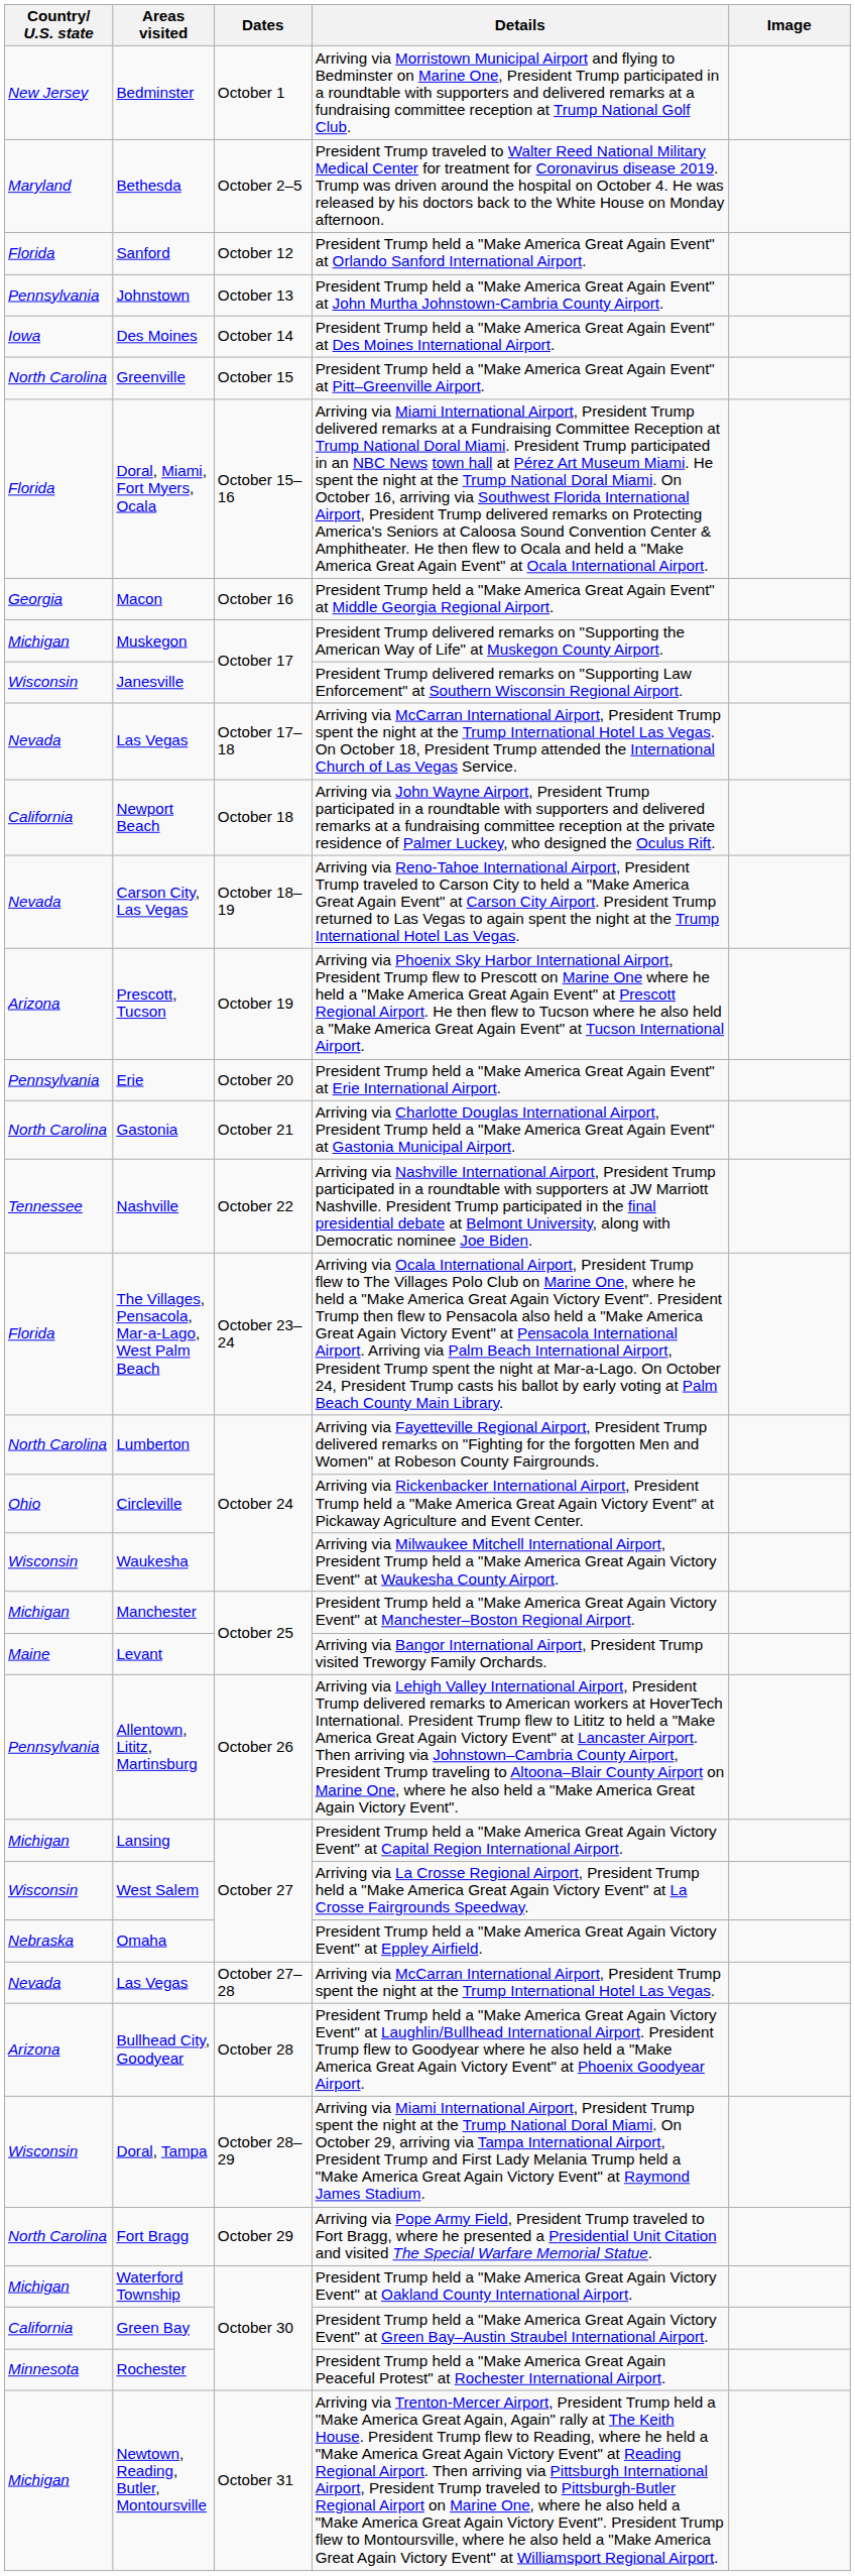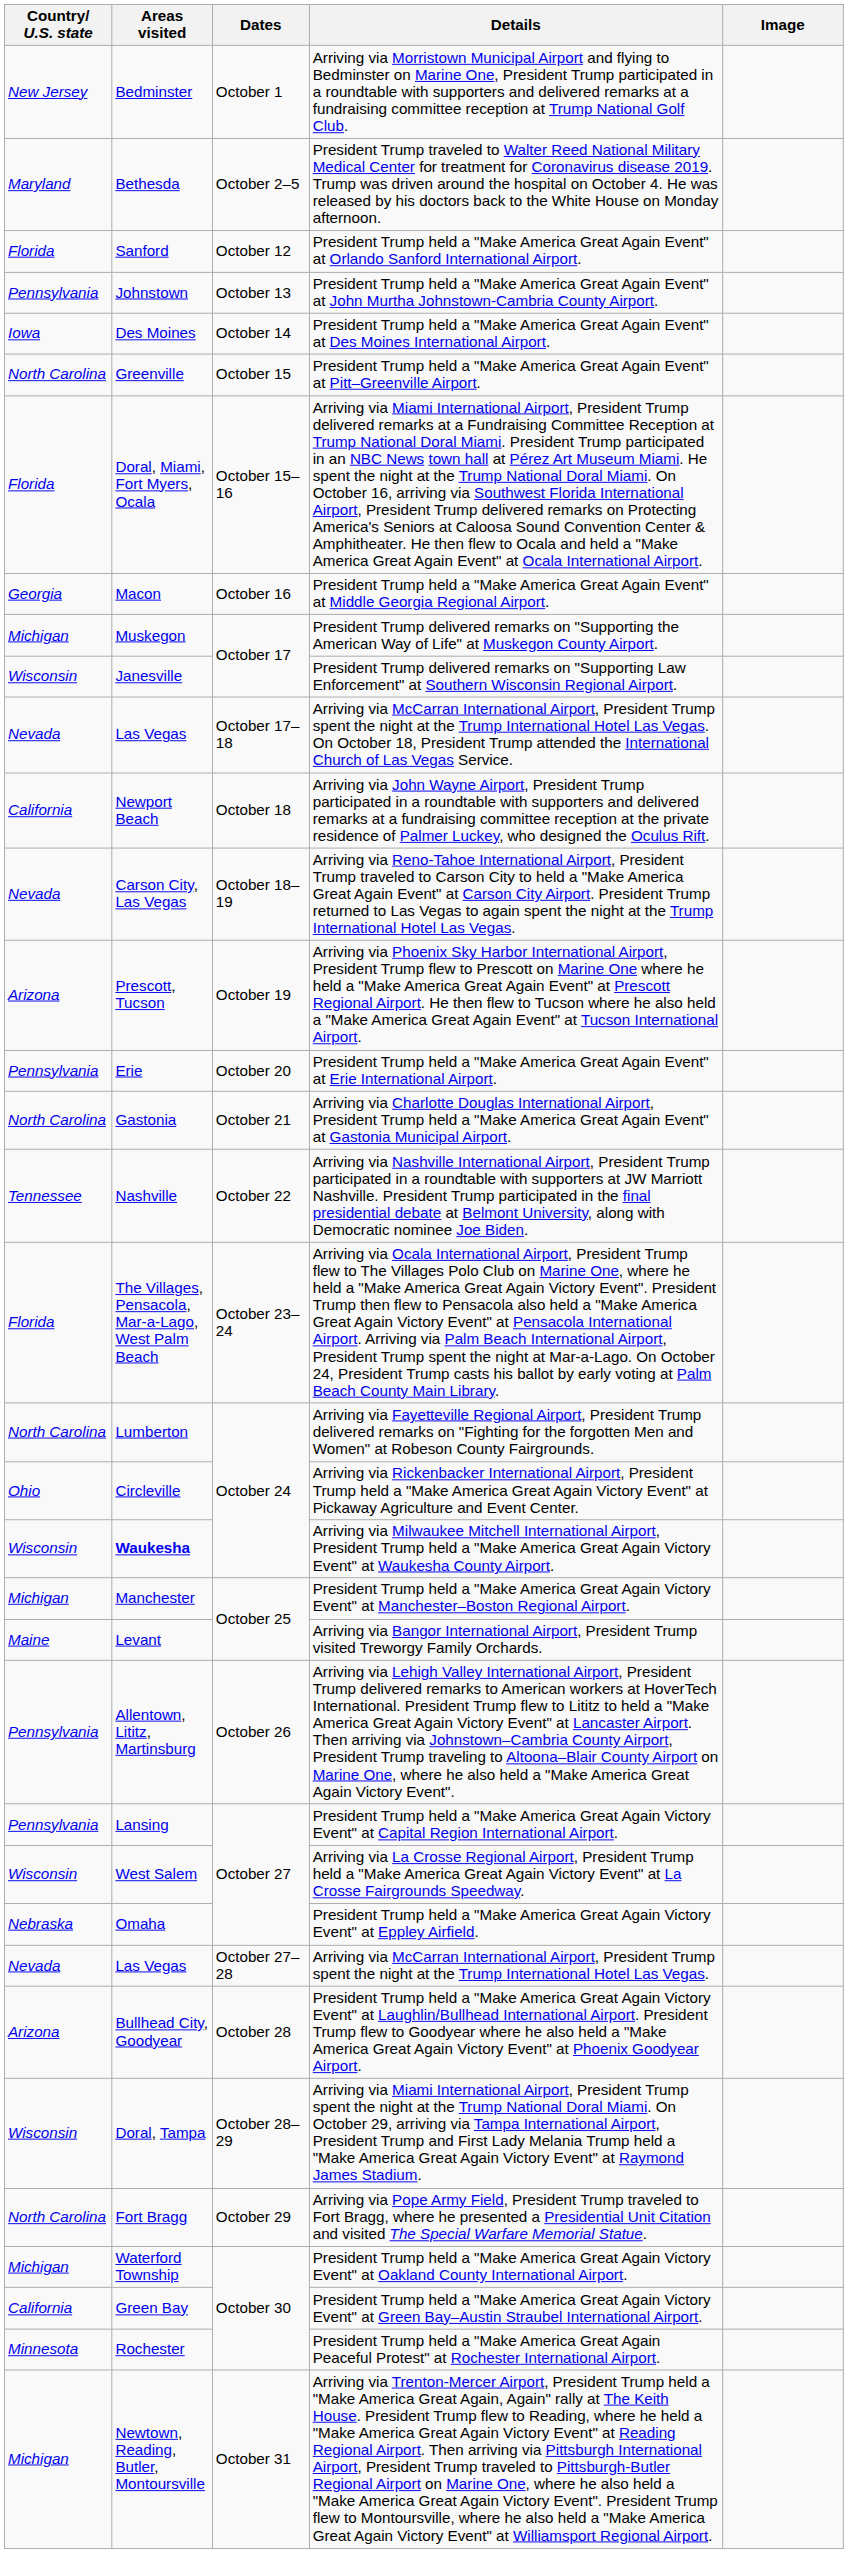 <table class="wikitable" style="margin: 1em auto 1em auto">
 <tr>
 <th width="110">Country/<br><em>U.S. state</em></th>
 <th width="100">Areas visited</th>
 <th width="110">Dates</th>
 <th width="550">Details</th>
 <th width="150">Image</th>
 </tr>
 <tr>
 <td> <em><a href='#'>New Jersey</a></em></td>
 <td><a href='#'>Bedminster</a></td>
 <td>October 1</td>
 <td>Arriving via <a href='#'>Morristown Municipal Airport</a> and flying to Bedminster on <a href='#'>Marine One</a>, President Trump participated in a roundtable with supporters and delivered remarks at a fundraising committee reception at <a href='#'>Trump National Golf Club</a>.</td>
 <td></td>
 </tr>
 <tr>
 <td> <em><a href='#'>Maryland</a></em></td>
 <td><a href='#'>Bethesda</a></td>
 <td>October 2–5</td>
 <td>President Trump traveled to <a href='#'>Walter Reed National Military Medical Center</a> for treatment for <a href='#'>Coronavirus disease 2019</a>. Trump was driven around the hospital on October 4. He was released by his doctors back to the White House on Monday afternoon.</td>
 <td></td>
 </tr>
 <tr>
 <td> <em><a href='#'>Florida</a></em></td>
 <td><a href='#'>Sanford</a></td>
 <td>October 12</td>
 <td>President Trump held a "Make America Great Again Event" at <a href='#'>Orlando Sanford International Airport</a>.</td>
 <td></td>
 </tr>
 <tr>
 <td> <em><a href='#'>Pennsylvania</a></em></td>
 <td><a href='#'>Johnstown</a></td>
 <td>October 13</td>
 <td>President Trump held a "Make America Great Again Event" at <a href='#'>John Murtha Johnstown-Cambria County Airport</a>.</td>
 <td></td>
 </tr>
 <tr>
 <td> <em><a href='#'>Iowa</a></em></td>
 <td><a href='#'>Des Moines</a></td>
 <td>October 14</td>
 <td>President Trump held a "Make America Great Again Event" at <a href='#'>Des Moines International Airport</a>.</td>
 <td></td>
 </tr>
 <tr>
 <td> <em><a href='#'>North Carolina</a></em></td>
 <td><a href='#'>Greenville</a></td>
 <td>October 15</td>
 <td>President Trump held a "Make America Great Again Event" at <a href='#'>Pitt–Greenville Airport</a>.</td>
 <td></td>
 </tr>
 <tr>
 <td> <em><a href='#'>Florida</a></em></td>
 <td><a href='#'>Doral</a>, <a href='#'>Miami</a>, <a href='#'>Fort Myers</a>, <a href='#'>Ocala</a></td>
 <td>October 15–16</td>
 <td>Arriving via <a href='#'>Miami International Airport</a>, President Trump delivered remarks at a Fundraising Committee Reception at <a href='#'>Trump National Doral Miami</a>. President Trump participated in an <a href='#'>NBC News</a> <a href='#'>town hall</a> at <a href='#'>Pérez Art Museum Miami</a>. He spent the night at the <a href='#'>Trump National Doral Miami</a>. On October 16, arriving via <a href='#'>Southwest Florida International Airport</a>, President Trump delivered remarks on Protecting America's Seniors at Caloosa Sound Convention Center & Amphitheater. He then flew to Ocala and held a "Make America Great Again Event" at <a href='#'>Ocala International Airport</a>.</td>
 <td></td>
 </tr>
 <tr>
 <td> <em><a href='#'>Georgia</a></em></td>
 <td><a href='#'>Macon</a></td>
 <td>October 16</td>
 <td>President Trump held a "Make America Great Again Event" at <a href='#'>Middle Georgia Regional Airport</a>.</td>
 <td></td>
 </tr>
 <tr>
 <td> <em><a href='#'>Michigan</a></em></td>
 <td><a href='#'>Muskegon</a></td>
 <td rowspan=2>October 17</td>
 <td>President Trump delivered remarks on "Supporting the American Way of Life" at <a href='#'>Muskegon County Airport</a>.</td>
 <td></td>
 </tr>
 <tr>
 <td> <em><a href='#'>Wisconsin</a></em></td>
 <td><a href='#'>Janesville</a></td>
 <td>President Trump delivered remarks on "Supporting Law Enforcement" at <a href='#'>Southern Wisconsin Regional Airport</a>.</td>
 <td></td>
 </tr>
 <tr>
 <td> <em><a href='#'>Nevada</a></em></td>
 <td><a href='#'>Las Vegas</a></td>
 <td>October 17–18</td>
 <td>Arriving via <a href='#'>McCarran International Airport</a>, President Trump spent the night at the <a href='#'>Trump International Hotel Las Vegas</a>. On October 18, President Trump attended the <a href='#'>International Church of Las Vegas</a> Service.</td>
 <td></td>
 </tr>
 <tr>
 <td> <em><a href='#'>California</a></em></td>
 <td><a href='#'>Newport Beach</a></td>
 <td>October 18</td>
 <td>Arriving via <a href='#'>John Wayne Airport</a>, President Trump participated in a roundtable with supporters and delivered remarks at a fundraising committee reception at the private residence of <a href='#'>Palmer Luckey</a>, who designed the <a href='#'>Oculus Rift</a>.</td>
 <td></td>
 </tr>
 <tr>
 <td> <em><a href='#'>Nevada</a></em></td>
 <td><a href='#'>Carson City</a>, <a href='#'>Las Vegas</a></td>
 <td>October 18–19</td>
 <td>Arriving via <a href='#'>Reno-Tahoe International Airport</a>, President Trump traveled to Carson City to held a "Make America Great Again Event" at <a href='#'>Carson City Airport</a>. President Trump returned to Las Vegas to again spent the night at the <a href='#'>Trump International Hotel Las Vegas</a>.</td>
 <td></td>
 </tr>
 <tr>
 <td> <em><a href='#'>Arizona</a></em></td>
 <td><a href='#'>Prescott</a>, <a href='#'>Tucson</a></td>
 <td>October 19</td>
 <td>Arriving via <a href='#'>Phoenix Sky Harbor International Airport</a>, President Trump flew to Prescott on <a href='#'>Marine One</a> where he held a "Make America Great Again Event" at <a href='#'>Prescott Regional Airport</a>. He then flew to Tucson where he also held a "Make America Great Again Event" at <a href='#'>Tucson International Airport</a>.</td>
 <td></td>
 </tr>
 <tr>
 <td> <em><a href='#'>Pennsylvania</a></em></td>
 <td><a href='#'>Erie</a></td>
 <td>October 20</td>
 <td>President Trump held a "Make America Great Again Event" at <a href='#'>Erie International Airport</a>.</td>
 <td></td>
 </tr>
 <tr>
 <td> <em><a href='#'>North Carolina</a></em></td>
 <td><a href='#'>Gastonia</a></td>
 <td>October 21</td>
 <td>Arriving via <a href='#'>Charlotte Douglas International Airport</a>, President Trump held a "Make America Great Again Event" at <a href='#'>Gastonia Municipal Airport</a>.</td>
 <td></td>
 </tr>
 <tr>
 <td> <em><a href='#'>Tennessee</a></em></td>
 <td><a href='#'>Nashville</a></td>
 <td>October 22</td>
 <td>Arriving via <a href='#'>Nashville International Airport</a>, President Trump participated in a roundtable with supporters at JW Marriott Nashville. President Trump participated in the <a href='#'>final presidential debate</a> at <a href='#'>Belmont University</a>, along with Democratic nominee <a href='#'>Joe Biden</a>.</td>
 <td></td>
 </tr>
 <tr>
 <td> <em><a href='#'>Florida</a></em></td>
 <td><a href='#'>The Villages</a>, <a href='#'>Pensacola</a>, <a href='#'>Mar-a-Lago</a>, <a href='#'>West Palm Beach</a></td>
 <td>October 23–24</td>
 <td>Arriving via <a href='#'>Ocala International Airport</a>, President Trump flew to The Villages Polo Club on <a href='#'>Marine One</a>, where he held a "Make America Great Again Victory Event". President Trump then flew to Pensacola also held a "Make America Great Again Victory Event" at <a href='#'>Pensacola International Airport</a>. Arriving via <a href='#'>Palm Beach International Airport</a>, President Trump spent the night at Mar-a-Lago. On October 24, President Trump casts his ballot by early voting at <a href='#'>Palm Beach County Main Library</a>.</td>
 <td></td>
 </tr>
 <tr>
 <td> <em><a href='#'>North Carolina</a></em></td>
 <td><a href='#'>Lumberton</a></td>
 <td rowspan=3>October 24</td>
 <td>Arriving via <a href='#'>Fayetteville Regional Airport</a>, President Trump delivered remarks on "Fighting for the forgotten Men and Women" at Robeson County Fairgrounds.</td>
 <td></td>
 </tr>
 <tr>
 <td> <em><a href='#'>Ohio</a></em></td>
 <td><a href='#'>Circleville</a></td>
 <td>Arriving via <a href='#'>Rickenbacker International Airport</a>, President Trump held a "Make America Great Again Victory Event" at Pickaway Agriculture and Event Center.</td>
 <td></td>
 </tr>
 <tr>
 <td> <em><a href='#'>Wisconsin</a></em></td>
-<td><a href='#'>Waukesha</a></td>
+<td><strong><a href='#'>Waukesha</a></strong></td>
 <td>Arriving via <a href='#'>Milwaukee Mitchell International Airport</a>, President Trump held a "Make America Great Again Victory Event" at <a href='#'>Waukesha County Airport</a>.</td>
 <td></td>
 </tr>
 <tr>
 <td> <em><a href='#'>Michigan</a></em></td>
 <td><a href='#'>Manchester</a></td>
 <td rowspan="2">October 25</td>
 <td>President Trump held a "Make America Great Again Victory Event" at <a href='#'>Manchester–Boston Regional Airport</a>.</td>
 <td></td>
 </tr>
 <tr>
 <td> <em><a href='#'>Maine</a></em></td>
 <td><a href='#'>Levant</a></td>
 <td>Arriving via <a href='#'>Bangor International Airport</a>, President Trump visited Treworgy Family Orchards.</td>
 <td></td>
 </tr>
 <tr>
 <td> <em><a href='#'>Pennsylvania</a></em></td>
 <td><a href='#'>Allentown</a>, <a href='#'>Lititz</a>, <a href='#'>Martinsburg</a></td>
 <td>October 26</td>
 <td>Arriving via <a href='#'>Lehigh Valley International Airport</a>, President Trump delivered remarks to American workers at HoverTech International. President Trump flew to Lititz to held a "Make America Great Again Victory Event" at <a href='#'>Lancaster Airport</a>. Then arriving via <a href='#'>Johnstown–Cambria County Airport</a>, President Trump traveling to <a href='#'>Altoona–Blair County Airport</a> on <a href='#'>Marine One</a>, where he also held a "Make America Great Again Victory Event".</td>
 <td></td>
 </tr>
 <tr>
-<td> <em><a href='#'>Michigan</a></em></td>
+<td> <em><a href='#'>Pennsylvania</a></em></td>
 <td><a href='#'>Lansing</a></td>
 <td rowspan=3>October 27</td>
 <td>President Trump held a "Make America Great Again Victory Event" at <a href='#'>Capital Region International Airport</a>.</td>
 <td></td>
 </tr>
 <tr>
 <td> <em><a href='#'>Wisconsin</a></em></td>
 <td><a href='#'>West Salem</a></td>
 <td>Arriving via <a href='#'>La Crosse Regional Airport</a>, President Trump held a "Make America Great Again Victory Event" at <a href='#'>La Crosse Fairgrounds Speedway</a>.</td>
 <td></td>
 </tr>
 <tr>
 <td> <em><a href='#'>Nebraska</a></em></td>
 <td><a href='#'>Omaha</a></td>
 <td>President Trump held a "Make America Great Again Victory Event" at <a href='#'>Eppley Airfield</a>.</td>
 <td></td>
 </tr>
 <tr>
 <td> <em><a href='#'>Nevada</a></em></td>
 <td><a href='#'>Las Vegas</a></td>
 <td>October 27–28</td>
 <td>Arriving via <a href='#'>McCarran International Airport</a>, President Trump spent the night at the <a href='#'>Trump International Hotel Las Vegas</a>.</td>
 <td></td>
 </tr>
 <tr>
 <td> <em><a href='#'>Arizona</a></em></td>
 <td><a href='#'>Bullhead City</a>, <a href='#'>Goodyear</a></td>
 <td>October 28</td>
 <td>President Trump held a "Make America Great Again Victory Event" at <a href='#'>Laughlin/Bullhead International Airport</a>. President Trump flew to Goodyear where he also held a "Make America Great Again Victory Event" at <a href='#'>Phoenix Goodyear Airport</a>.</td>
 <td></td>
 </tr>
 <tr>
 <td> <em><a href='#'>Wisconsin</a></em></td>
 <td><a href='#'>Doral</a>, <a href='#'>Tampa</a></td>
 <td>October 28–29</td>
 <td>Arriving via <a href='#'>Miami International Airport</a>, President Trump spent the night at the <a href='#'>Trump National Doral Miami</a>. On October 29, arriving via <a href='#'>Tampa International Airport</a>, President Trump and First Lady Melania Trump held a "Make America Great Again Victory Event" at <a href='#'>Raymond James Stadium</a>.</td>
 <td></td>
 </tr>
 <tr>
 <td> <em><a href='#'>North Carolina</a></em></td>
 <td><a href='#'>Fort Bragg</a></td>
 <td>October 29</td>
 <td>Arriving via <a href='#'>Pope Army Field</a>, President Trump traveled to Fort Bragg, where he presented a <a href='#'>Presidential Unit Citation</a> and visited <em><a href='#'>The Special Warfare Memorial Statue</a></em>.</td>
 <td></td>
 </tr>
 <tr>
 <td> <em><a href='#'>Michigan</a></em></td>
 <td><a href='#'>Waterford Township</a></td>
 <td rowspan="3">October 30</td>
 <td>President Trump held a "Make America Great Again Victory Event" at <a href='#'>Oakland County International Airport</a>.</td>
 <td></td>
 </tr>
 <tr>
 <td> <em><a href='#'>California</a></em></td>
 <td><a href='#'>Green Bay</a></td>
 <td>President Trump held a "Make America Great Again Victory Event" at <a href='#'>Green Bay–Austin Straubel International Airport</a>.</td>
 <td></td>
 </tr>
 <tr>
 <td> <em><a href='#'>Minnesota</a></em></td>
 <td><a href='#'>Rochester</a></td>
 <td>President Trump held a "Make America Great Again Peaceful Protest" at <a href='#'>Rochester International Airport</a>.</td>
 <td></td>
 </tr>
 <tr>
 <td> <em><a href='#'>Michigan</a></em></td>
 <td><a href='#'>Newtown</a>, <a href='#'>Reading</a>, <a href='#'>Butler</a>, <a href='#'>Montoursville</a></td>
 <td>October 31</td>
 <td>Arriving via <a href='#'>Trenton-Mercer Airport</a>, President Trump held a "Make America Great Again, Again" rally at <a href='#'>The Keith House</a>. President Trump flew to Reading, where he held a "Make America Great Again Victory Event" at <a href='#'>Reading Regional Airport</a>. Then arriving via <a href='#'>Pittsburgh International Airport</a>, President Trump traveled to <a href='#'>Pittsburgh-Butler Regional Airport</a> on <a href='#'>Marine One</a>, where he also held a "Make America Great Again Victory Event". President Trump flew to Montoursville, where he also held a "Make America Great Again Victory Event" at <a href='#'>Williamsport Regional Airport</a>.</td>
 <td></td>
 </tr>
 </table>
